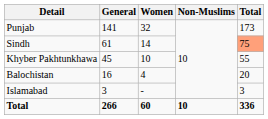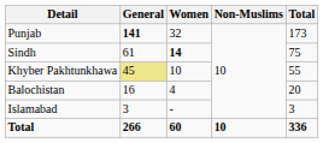 <table class="wikitable">
 <tr>
 <th>Detail</th>
 <th>General</th>
 <th>Women</th>
 <th>Non-Muslims</th>
 <th><strong>Total</strong></th>
 </tr>
 <tr>
 <td>Punjab</td>
-<td>141</td>
+<td><strong>141</strong></td>
 <td>32</td>
 <td rowspan="5">10</td>
 <td>173</td>
 </tr>
 <tr>
 <td>Sindh</td>
 <td>61</td>
-<td>14</td>
-<td style="background: lightsalmon;">75</td>
+<td><strong>14</strong></td>
+<td>75</td>
 </tr>
 <tr>
 <td>Khyber Pakhtunkhawa</td>
-<td>45</td>
+<td style="background: khaki;">45</td>
 <td>10</td>
 <td>55</td>
 </tr>
 <tr>
 <td>Balochistan</td>
 <td>16</td>
 <td>4</td>
 <td>20</td>
 </tr>
 <tr>
 <td>Islamabad</td>
 <td>3</td>
 <td>-</td>
 <td>3</td>
 </tr>
 <tr>
 <td><strong>Total</strong></td>
 <td><strong>266</strong></td>
 <td><strong>60</strong></td>
 <td><strong>10</strong></td>
 <td><strong>336</strong></td>
 </tr>
 </table>
